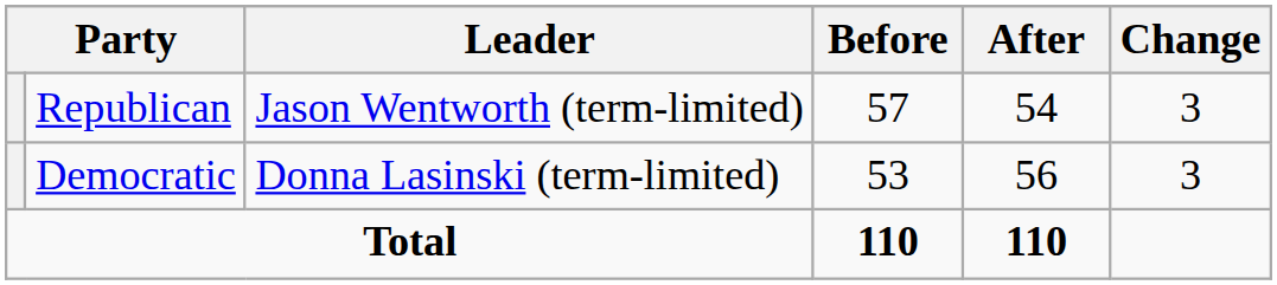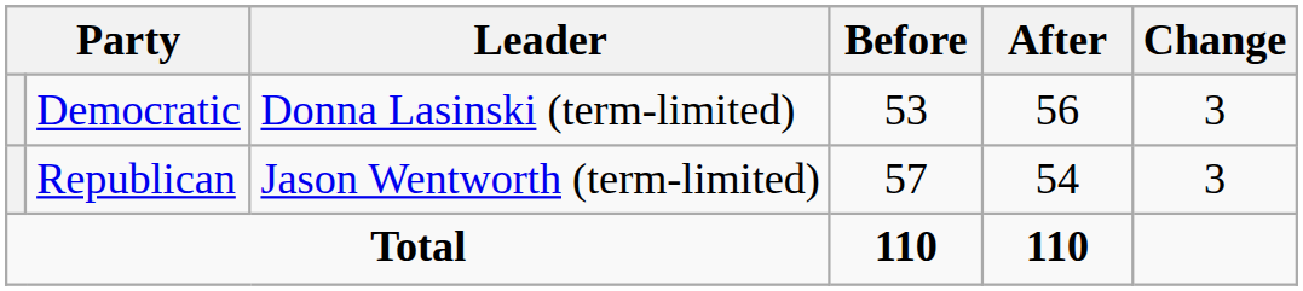 <table class="wikitable" style="text-align:center;">
 <tr>
 </tr>
 <tr>
 <th colspan=2>Party</th>
 <th>Leader</th>
 <th style="width:3em">Before</th>
 <th style="width:3em">After</th>
 <th style="width:3em">Change</th>
 </tr>
 <tr>
 <th style="background-color:"></th>
+<td style="text-align:left;"><a href='#'>Democratic</a></td>
+<td style="text-align:left;"><a href='#'>Donna Lasinski</a> (term-limited)</td>
+<td>53</td>
+<td>56</td>
+<td> 3</td>
+</tr>
+<tr>
+<th style="background-color:"></th>
 <td style="text-align:left;"><a href='#'>Republican</a></td>
 <td style="text-align:left;"><a href='#'>Jason Wentworth</a> (term-limited)</td>
 <td>57</td>
 <td>54</td>
-<td> 3</td>
-</tr>
-<tr>
-<th style="background-color:"></th>
-<td style="text-align:left;"><a href='#'>Democratic</a></td>
-<td style="text-align:left;"><a href='#'>Donna Lasinski</a> (term-limited)</td>
-<td>53</td>
-<td>56</td>
 <td> 3</td>
 </tr>
 <tr>
 <td colspan=3><strong>Total</strong></td>
 <td><strong>110</strong></td>
 <td><strong>110</strong></td>
 <td></td>
 </tr>
 </table>
